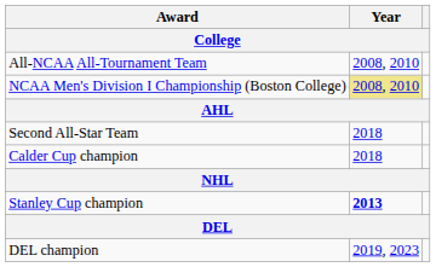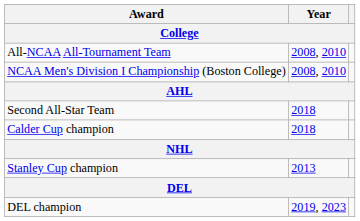 <table class="wikitable">
 <tr>
 <th>Award</th>
 <th>Year</th>
 <th></th>
 </tr>
 <tr>
 <th colspan="3"><a href='#'>College</a></th>
 </tr>
 <tr>
 <td>All-<a href='#'>NCAA</a> <a href='#'>All-Tournament Team</a></td>
 <td><a href='#'>2008</a>, <a href='#'>2010</a></td>
 <td></td>
 </tr>
 <tr>
 <td><a href='#'>NCAA Men's Division I Championship</a> (Boston College)</td>
-<td style="background: khaki;"><a href='#'>2008</a>, <a href='#'>2010</a></td>
+<td><a href='#'>2008</a>, <a href='#'>2010</a></td>
 <td></td>
 </tr>
 <tr>
 <th colspan="3"><a href='#'>AHL</a></th>
 </tr>
 <tr>
 <td>Second All-Star Team</td>
 <td><a href='#'>2018</a></td>
 <td></td>
 </tr>
 <tr>
 <td><a href='#'>Calder Cup</a> champion</td>
 <td><a href='#'>2018</a></td>
 <td></td>
 </tr>
 <tr>
 <th colspan="3"><a href='#'>NHL</a></th>
 </tr>
 <tr>
 <td><a href='#'>Stanley Cup</a> champion</td>
-<td><strong><a href='#'>2013</a></strong></td>
+<td><a href='#'>2013</a></td>
 <td></td>
 </tr>
 <tr>
 <th colspan="3"><a href='#'>DEL</a></th>
 </tr>
 <tr>
 <td>DEL champion</td>
 <td><a href='#'>2019</a>, <a href='#'>2023</a></td>
 <td></td>
 </tr>
 </table>
